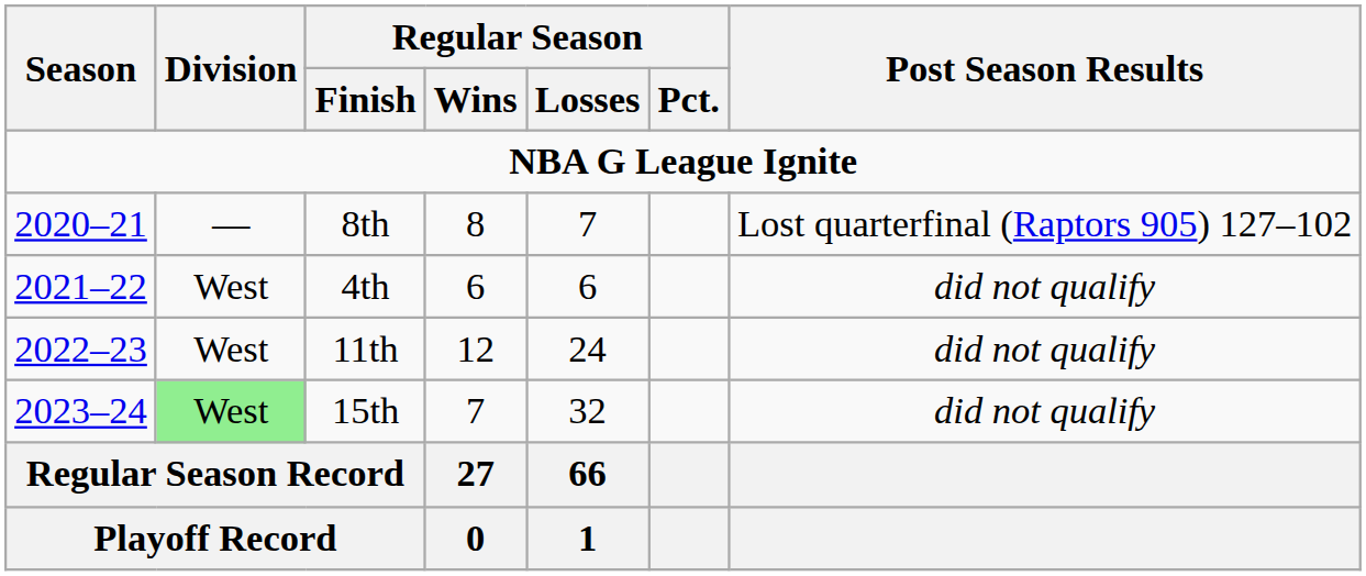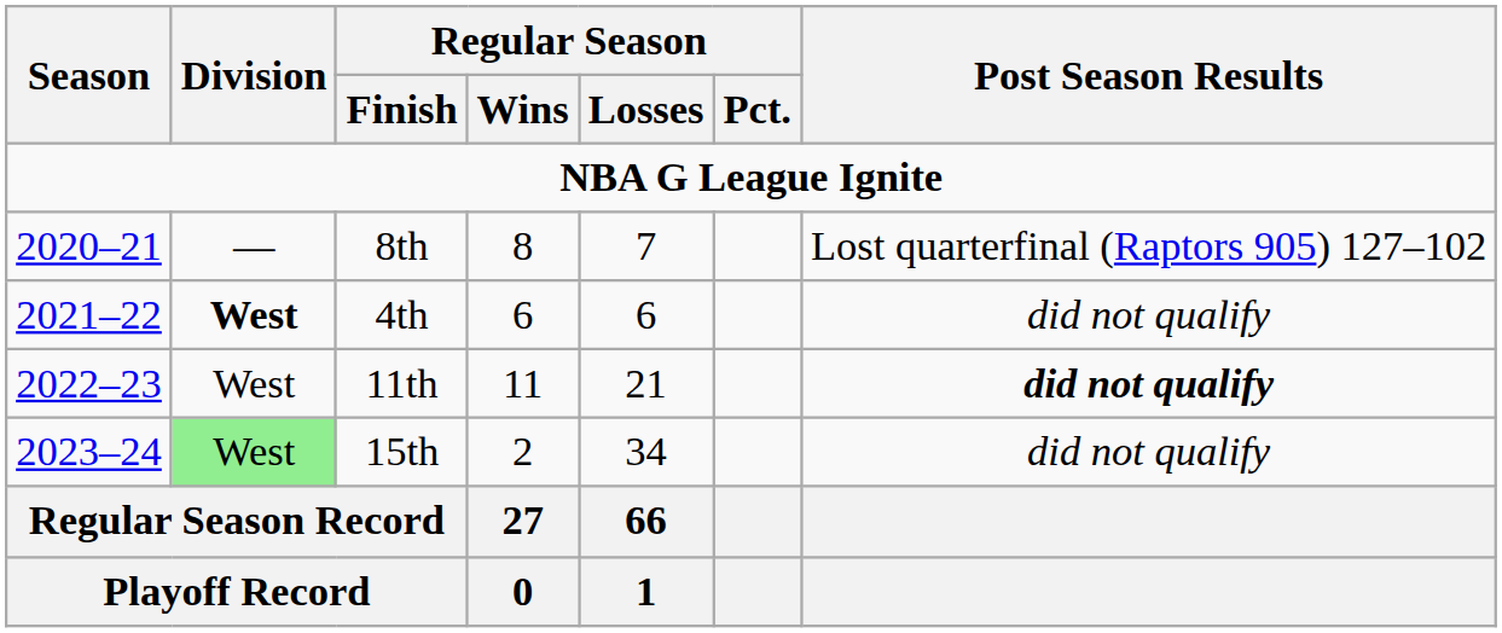 <table class="wikitable" style="font-size:95%; text-align:center">
 <tr>
 <th rowspan=2>Season</th>
 <th rowspan=2>Division</th>
 <th colspan=4>Regular Season</th>
 <th rowspan=2>Post Season Results</th>
 </tr>
 <tr>
 <th>Finish</th>
 <th>Wins</th>
 <th>Losses</th>
 <th>Pct.</th>
 </tr>
 <tr>
 <td colspan=10 align="center"><strong>NBA G League Ignite</strong></td>
 </tr>
 <tr>
 <td><a href='#'>2020–21</a></td>
 <td>—</td>
 <td>8th</td>
 <td>8</td>
 <td>7</td>
 <td></td>
 <td align=left>Lost quarterfinal (<a href='#'>Raptors 905</a>) 127–102</td>
 </tr>
 <tr>
 <td><a href='#'>2021–22</a></td>
-<td>West</td>
+<td><strong>West</strong></td>
 <td>4th</td>
 <td>6</td>
 <td>6</td>
 <td></td>
 <td align=center><em>did not qualify</em></td>
 </tr>
 <tr>
 <td><a href='#'>2022–23</a></td>
 <td>West</td>
 <td>11th</td>
-<td>12</td>
-<td>24</td>
+<td>11</td>
+<td>21</td>
 <td></td>
-<td align=center><em>did not qualify</em></td>
+<td align=center><strong><em>did not qualify</em></strong></td>
 </tr>
 <tr>
 <td><a href='#'>2023–24</a></td>
 <td style="background: lightgreen;">West</td>
 <td>15th</td>
-<td>7</td>
-<td>32</td>
+<td>2</td>
+<td>34</td>
 <td></td>
 <td align=center><em>did not qualify</em></td>
 </tr>
 <tr>
 <th colspan=3>Regular Season Record</th>
 <th>27</th>
 <th>66</th>
 <th></th>
 <th colspan=2></th>
 </tr>
 <tr>
 <th colspan=3>Playoff Record</th>
 <th>0</th>
 <th>1</th>
 <th></th>
 <th colspan=2></th>
 </tr>
 </table>
